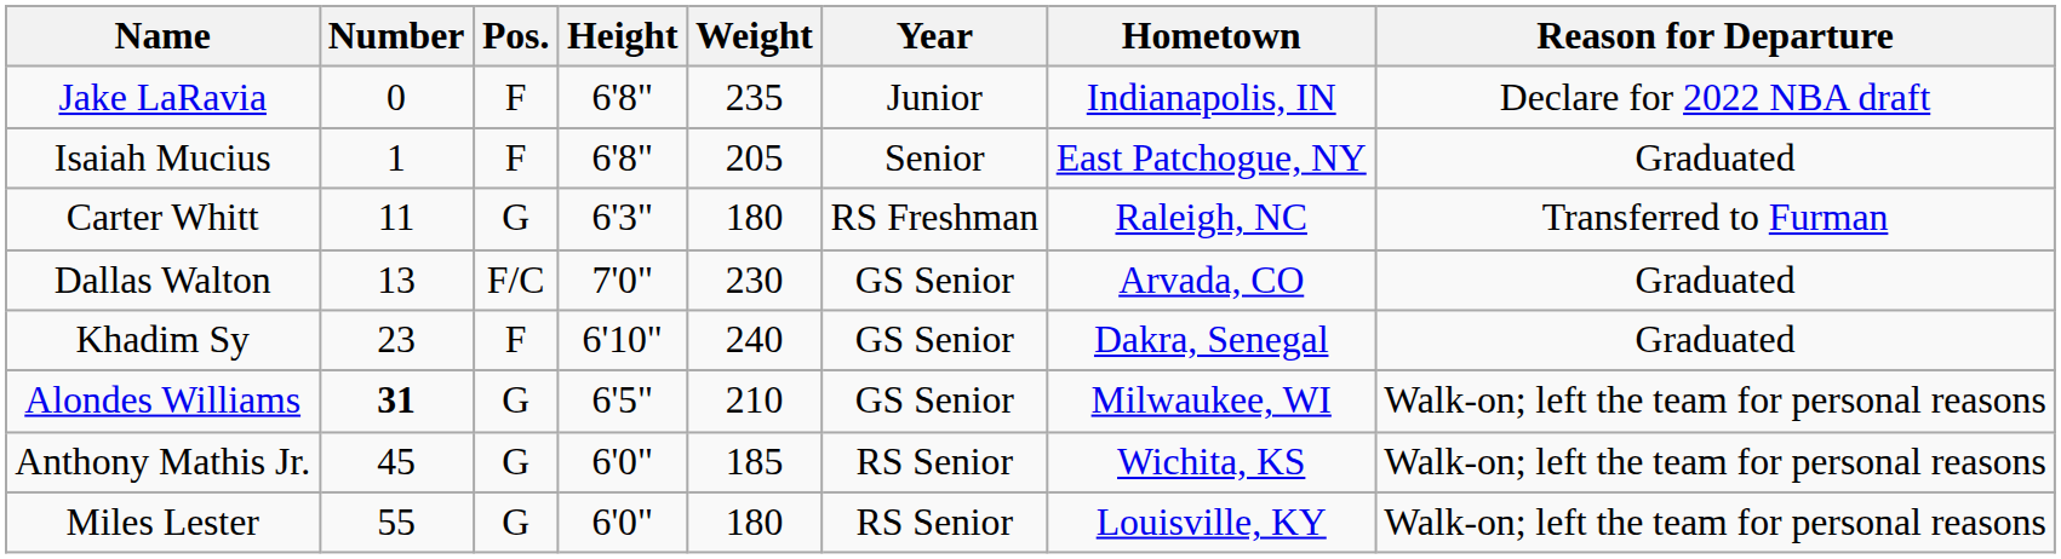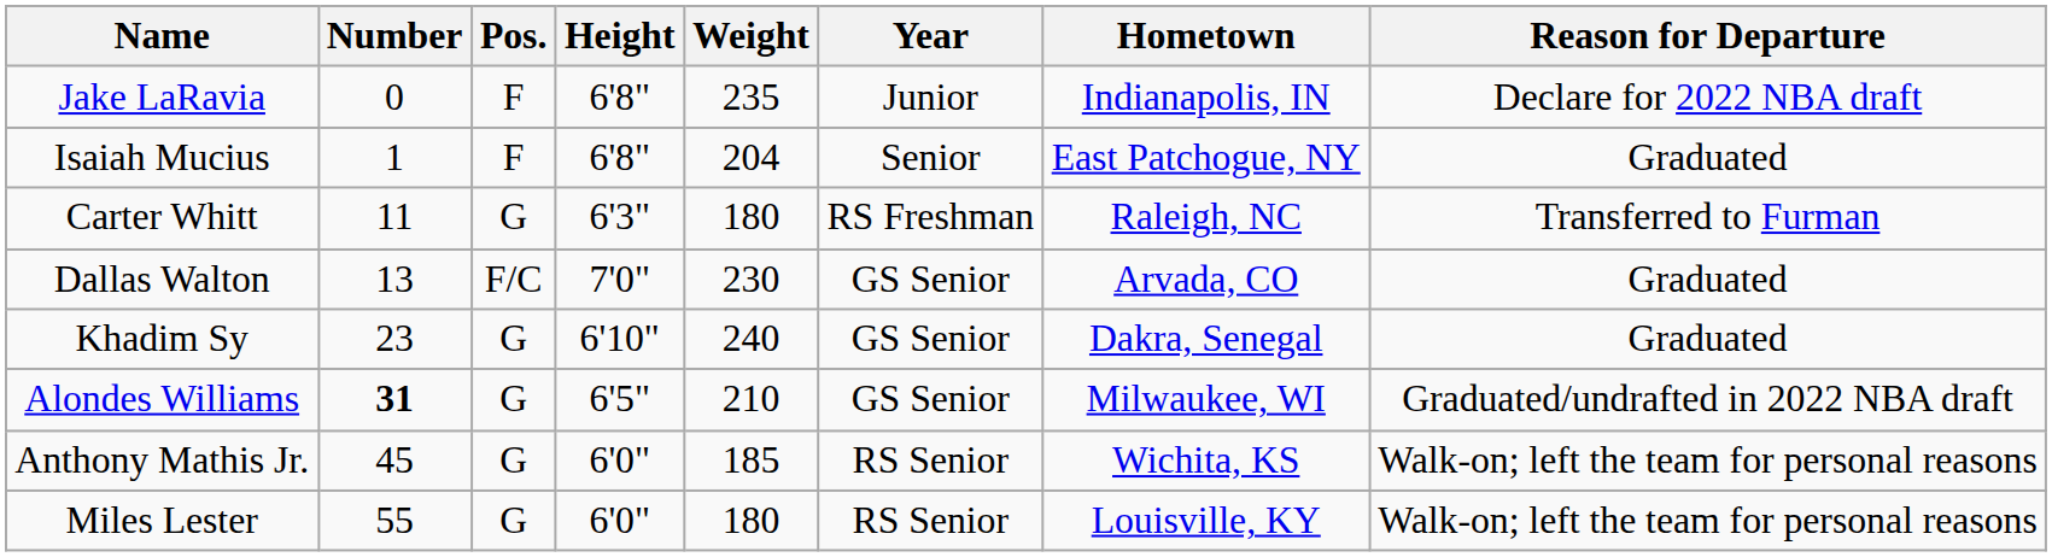 <table class="wikitable sortable" border="1" style=text-align:center;">
 <tr align=center>
 <th>Name</th>
 <th>Number</th>
 <th>Pos.</th>
 <th>Height</th>
 <th>Weight</th>
 <th>Year</th>
 <th>Hometown</th>
 <th>Reason for Departure</th>
 </tr>
 <tr>
 <td><a href='#'>Jake LaRavia</a></td>
 <td>0</td>
 <td>F</td>
 <td>6'8"</td>
 <td>235</td>
 <td>Junior</td>
 <td><a href='#'>Indianapolis, IN</a></td>
 <td>Declare for <a href='#'>2022 NBA draft</a></td>
 </tr>
 <tr>
 <td>Isaiah Mucius</td>
 <td>1</td>
 <td>F</td>
 <td>6'8"</td>
-<td>205</td>
+<td>204</td>
 <td>Senior</td>
 <td><a href='#'>East Patchogue, NY</a></td>
 <td>Graduated</td>
 </tr>
 <tr>
 <td>Carter Whitt</td>
 <td>11</td>
 <td>G</td>
 <td>6'3"</td>
 <td>180</td>
 <td>RS Freshman</td>
 <td><a href='#'>Raleigh, NC</a></td>
 <td>Transferred to <a href='#'>Furman</a></td>
 </tr>
 <tr>
 <td>Dallas Walton</td>
 <td>13</td>
 <td>F/C</td>
 <td>7'0"</td>
 <td>230</td>
 <td>GS Senior</td>
 <td><a href='#'>Arvada, CO</a></td>
 <td>Graduated</td>
 </tr>
 <tr>
 <td>Khadim Sy</td>
 <td>23</td>
-<td>F</td>
+<td>G</td>
 <td>6'10"</td>
 <td>240</td>
 <td>GS Senior</td>
 <td><a href='#'>Dakra, Senegal</a></td>
 <td>Graduated</td>
 </tr>
 <tr>
 <td><a href='#'>Alondes Williams</a></td>
 <td><strong>31</strong></td>
 <td>G</td>
 <td>6'5"</td>
 <td>210</td>
 <td>GS Senior</td>
 <td><a href='#'>Milwaukee, WI</a></td>
-<td>Walk-on; left the team for personal reasons</td>
+<td>Graduated/undrafted in 2022 NBA draft</td>
 </tr>
 <tr>
 <td>Anthony Mathis Jr.</td>
 <td>45</td>
 <td>G</td>
 <td>6'0"</td>
 <td>185</td>
 <td>RS Senior</td>
 <td><a href='#'>Wichita, KS</a></td>
 <td>Walk-on; left the team for personal reasons</td>
 </tr>
 <tr>
 <td>Miles Lester</td>
 <td>55</td>
 <td>G</td>
 <td>6'0"</td>
 <td>180</td>
 <td>RS Senior</td>
 <td><a href='#'>Louisville, KY</a></td>
 <td>Walk-on; left the team for personal reasons</td>
 </tr>
 </table>
